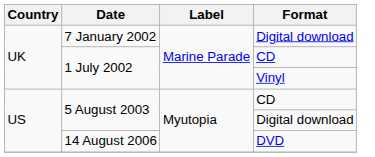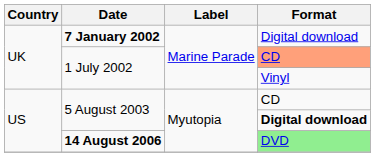 <table class="sortable wikitable">
 <tr>
 <th>Country</th>
 <th>Date</th>
 <th>Label</th>
 <th>Format</th>
 </tr>
 <tr>
 <td rowspan="3">UK</td>
-<td>7 January 2002</td>
+<td><strong>7 January 2002</strong></td>
 <td rowspan="3"><a href='#'>Marine Parade</a></td>
 <td><a href='#'>Digital download</a></td>
 </tr>
 <tr>
 <td rowspan="2">1 July 2002</td>
-<td><a href='#'>CD</a></td>
+<td style="background: lightsalmon;"><a href='#'>CD</a></td>
 </tr>
 <tr>
 <td><a href='#'>Vinyl</a></td>
 </tr>
 <tr>
 <td rowspan="3">US</td>
 <td rowspan="2">5 August 2003</td>
 <td rowspan="3">Myutopia</td>
 <td>CD</td>
 </tr>
 <tr>
-<td>Digital download</td>
+<td><strong>Digital download</strong></td>
 </tr>
 <tr>
-<td>14 August 2006</td>
-<td><a href='#'>DVD</a></td>
+<td><strong>14 August 2006</strong></td>
+<td style="background: lightgreen;"><a href='#'>DVD</a></td>
 </tr>
 <tr>
 </tr>
 </table>
